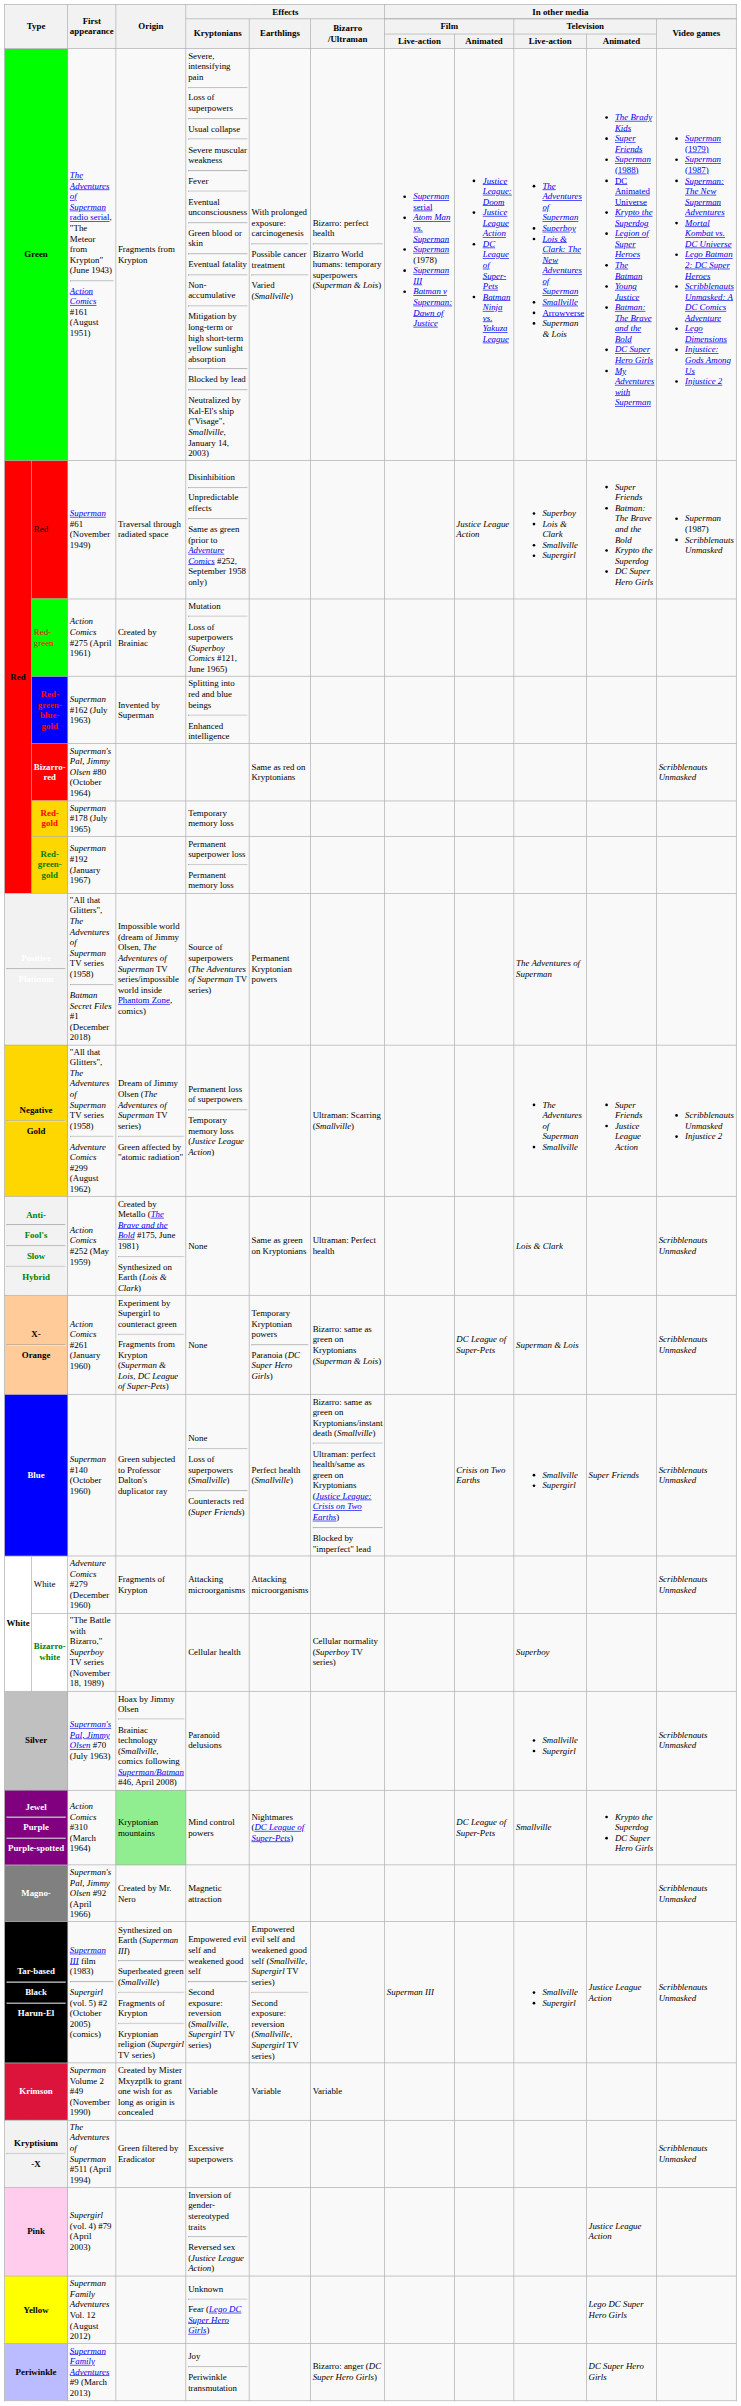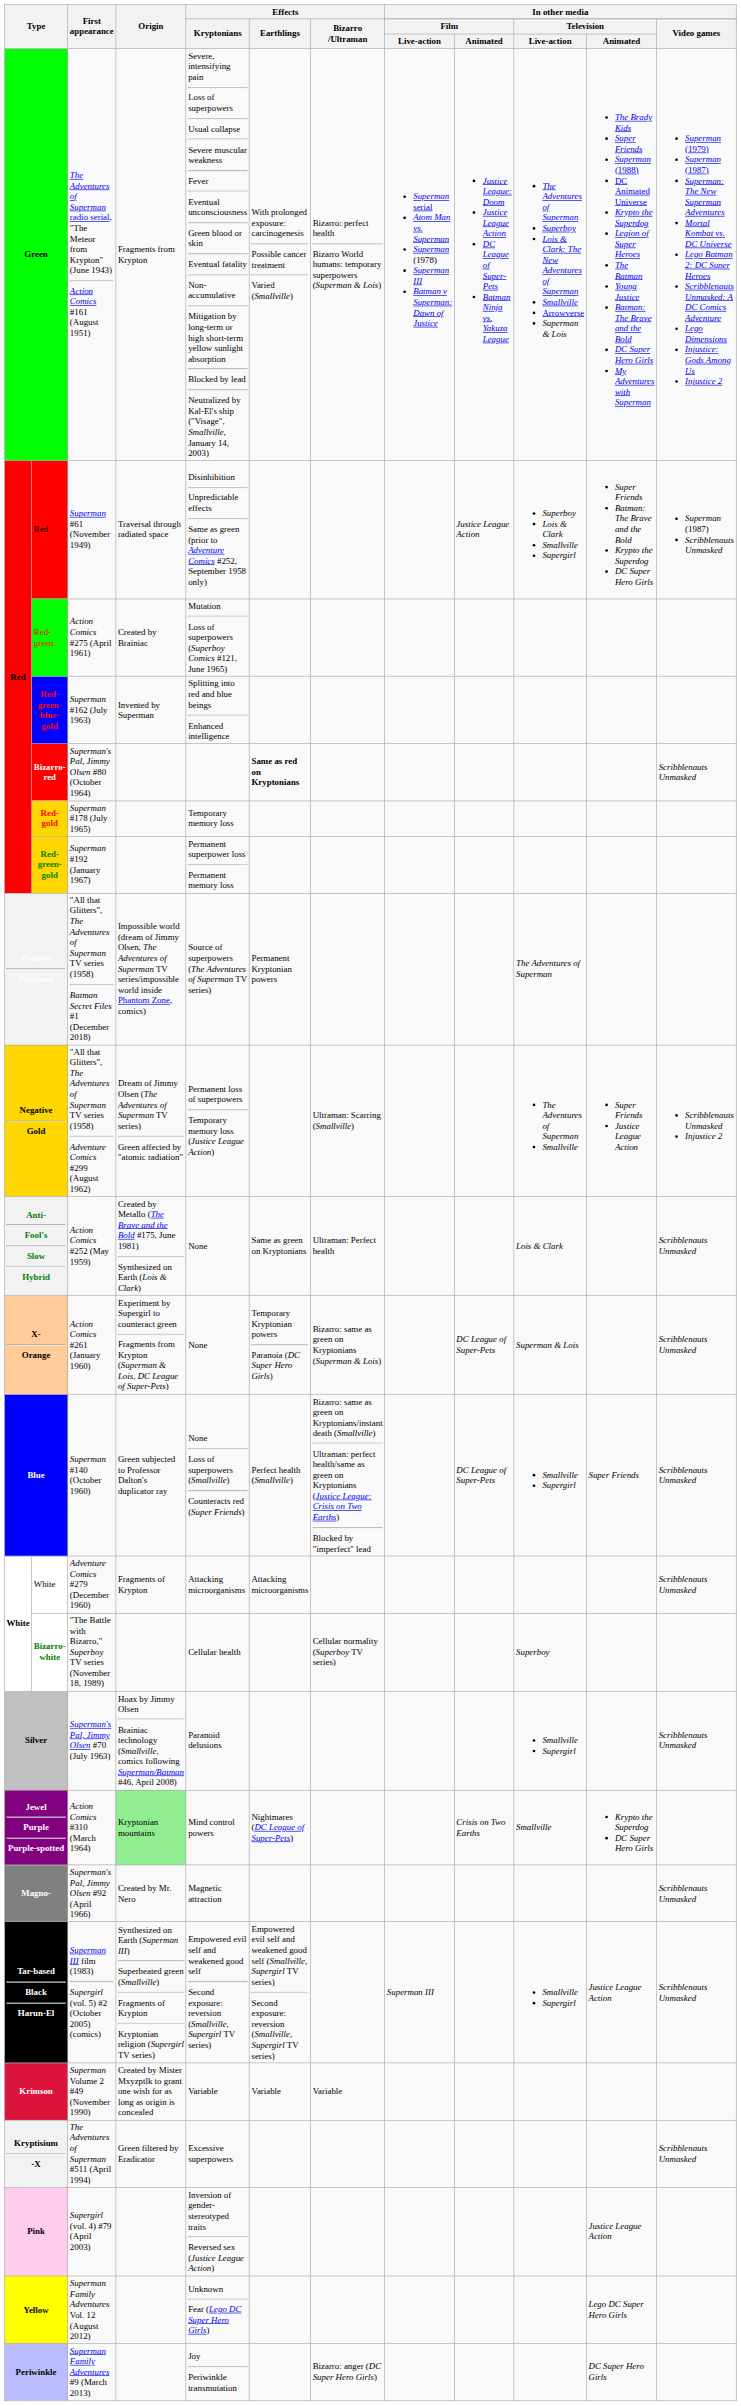 <table class="wikitable sortable sticky-header-multi" style="width:100%; font-size:84%;" id="softwarelist">
 <tr>
 <th rowspan="4" colspan="2">Type</th>
 <th rowspan="4">First appearance</th>
 <th rowspan="4">Origin</th>
 <th colspan="3">Effects</th>
 <th colspan="5">In other media</th>
 </tr>
 <tr>
 <th rowspan="3">Kryptonians</th>
 <th rowspan="3">Earthlings</th>
 <th rowspan="3">Bizarro<br>/Ultraman</th>
 </tr>
 <tr>
 <th colspan="2">Film</th>
 <th colspan="2">Television</th>
 <th rowspan="2">Video games</th>
 </tr>
 <tr>
 <th>Live-action</th>
 <th>Animated</th>
 <th>Live-action</th>
 <th>Animated</th>
 </tr>
 <tr>
 <th colspan="2" style="background:lime; color:black;">Green</th>
 <td><a href='#'><em>The Adventures of Superman</em> radio serial</a>, "The Meteor from Krypton" (June 1943)<hr><em><a href='#'>Action Comics</a></em> #161 (August 1951)</td>
 <td>Fragments from Krypton</td>
 <td>Severe, intensifying pain<hr>Loss of superpowers<hr>Usual collapse<hr>Severe muscular weakness<hr>Fever<hr>Eventual unconsciousness<hr>Green blood or skin<hr>Eventual fatality<hr>Non-accumulative<hr>Mitigation by long-term or high short-term yellow sunlight absorption<hr>Blocked by lead<hr>Neutralized by Kal-El's ship ("Visage", <em>Smallville</em>, January 14, 2003)</td>
 <td>With prolonged exposure: carcinogenesis<hr>Possible cancer treatment<hr>Varied (<em>Smallville</em>)</td>
 <td>Bizarro: perfect health<hr>Bizarro World humans: temporary superpowers (<em>Superman & Lois</em>)</td>
 <td><br><ul><li><a href='#'><em>Superman</em> serial</a></li><li><em><a href='#'>Atom Man vs. Superman</a></em></li><li><em><a href='#'>Superman</a></em> (1978)</li><li><em><a href='#'>Superman III</a></em></li><li><em><a href='#'>Batman v Superman: Dawn of Justice</a></em></li></ul></td>
 <td><br><ul><li><em><a href='#'>Justice League: Doom</a></em></li><li><em><a href='#'>Justice League Action</a></em></li><li><em><a href='#'>DC League of Super-Pets</a></em></li><li><em><a href='#'>Batman Ninja vs. Yakuza League</a></em></li></ul></td>
 <td><br><ul><li><em><a href='#'>The Adventures of Superman</a></em></li><li><em><a href='#'>Superboy</a></em></li><li><em><a href='#'>Lois & Clark: The New Adventures of Superman</a></em></li><li><em><a href='#'>Smallville</a></em></li><li><a href='#'>Arrowverse</a></li><li><em>Superman & Lois</em></li></ul></td>
 <td><br><ul><li><em><a href='#'>The Brady Kids</a></em></li><li><em><a href='#'>Super Friends</a></em></li><li><a href='#'><em>Superman</em> (1988)</a></li><li><a href='#'>DC Animated Universe</a></li><li><em><a href='#'>Krypto the Superdog</a></em></li><li><em><a href='#'>Legion of Super Heroes</a></em></li><li><em><a href='#'>The Batman</a></em></li><li><em><a href='#'>Young Justice</a></em></li><li><em><a href='#'>Batman: The Brave and the Bold</a></em></li><li><em><a href='#'>DC Super Hero Girls</a></em></li><li><em><a href='#'>My Adventures with Superman</a></em></li></ul></td>
 <td><br><ul><li><a href='#'><em>Superman</em> (1979)</a></li><li><a href='#'><em>Superman</em> (1987)</a></li><li><em><a href='#'>Superman: The New Superman Adventures</a></em></li><li><em><a href='#'>Mortal Kombat vs. DC Universe</a></em></li><li><em><a href='#'>Lego Batman 2: DC Super Heroes</a></em></li><li><em><a href='#'>Scribblenauts Unmasked: A DC Comics Adventure</a></em></li><li><em><a href='#'>Lego Dimensions</a></em></li><li><em><a href='#'>Injustice: Gods Among Us</a></em></li><li><em><a href='#'>Injustice 2</a></em></li></ul></td>
 </tr>
 <tr>
 <th rowspan="6" style="background:red; color:black;">Red</th>
 <td style="background: red; color: black;">Red</td>
 <td><em><a href='#'>Superman</a></em> #61 (November 1949)</td>
 <td>Traversal through radiated space</td>
 <td>Disinhibition<hr>Unpredictable effects<hr>Same as green (prior to <em><a href='#'>Adventure Comics</a></em> #252, September 1958 only)</td>
 <td></td>
 <td></td>
 <td></td>
 <td><em>Justice League Action</em></td>
 <td><br><ul><li><em>Superboy</em></li><li><em>Lois & Clark</em></li><li><em>Smallville</em></li><li><em>Supergirl</em></li></ul></td>
 <td><br><ul><li><em>Super Friends</em></li><li><em>Batman: The Brave and the Bold</em></li><li><em>Krypto the Superdog</em></li><li><em>DC Super Hero Girls</em></li></ul></td>
 <td><br><ul><li><em>Superman</em> (1987)</li><li><em>Scribblenauts Unmasked</em></li></ul></td>
 </tr>
 <tr>
 <td style="background: lime; color: red;">Red-green</td>
 <td><em>Action Comics</em> #275 (April 1961)</td>
 <td>Created by Brainiac</td>
 <td>Mutation<hr>Loss of superpowers (<em>Superboy Comics</em> #121, June 1965)</td>
 <td></td>
 <td></td>
 <td></td>
 <td></td>
 <td></td>
 <td></td>
 <td></td>
 </tr>
 <tr>
 <th style="background: blue; color: red;">Red-green-blue-gold</th>
 <td><em>Superman</em> #162 (July 1963)</td>
 <td>Invented by Superman</td>
 <td>Splitting into red and blue beings<hr>Enhanced intelligence</td>
 <td></td>
 <td></td>
 <td></td>
 <td></td>
 <td></td>
 <td></td>
 <td></td>
 </tr>
 <tr>
 <th style="background: red; color: white;">Bizarro-red</th>
 <td><em>Superman's Pal, Jimmy Olsen</em> #80 (October 1964)</td>
 <td></td>
 <td></td>
-<td>Same as red on Kryptonians</td>
+<td><strong>Same as red on Kryptonians</strong></td>
 <td></td>
 <td></td>
 <td></td>
 <td></td>
 <td></td>
 <td><em>Scribblenauts Unmasked</em></td>
 </tr>
 <tr>
 <th style="background: gold; color: red;">Red-gold</th>
 <td><em>Superman</em> #178 (July 1965)</td>
 <td></td>
 <td>Temporary memory loss</td>
 <td></td>
 <td></td>
 <td></td>
 <td></td>
 <td></td>
 <td></td>
 <td></td>
 </tr>
 <tr>
 <th style="background: gold; color: green;">Red-green-gold</th>
 <td><em>Superman</em> #192 (January 1967)</td>
 <td></td>
 <td>Permanent superpower loss<hr>Permanent memory loss</td>
 <td></td>
 <td></td>
 <td></td>
 <td></td>
 <td></td>
 <td></td>
 <td></td>
 </tr>
 <tr>
 <th colspan="2" style="color: white;">Positive<hr>Platinum</th>
 <td>"All that Glitters", <em>The Adventures of Superman</em> TV series (1958)<hr><em>Batman Secret Files</em> #1 (December 2018)</td>
 <td>Impossible world (dream of Jimmy Olsen, <em>The Adventures of Superman</em> TV series/impossible world inside <a href='#'>Phantom Zone</a>, comics)</td>
 <td>Source of superpowers (<em>The Adventures of Superman</em> TV series)</td>
 <td>Permanent Kryptonian powers</td>
 <td></td>
 <td></td>
 <td></td>
 <td><em>The Adventures of Superman</em></td>
 <td></td>
 <td></td>
 </tr>
 <tr>
 <th colspan="2" style="background: gold; color: black;">Negative<hr>Gold</th>
 <td>"All that Glitters", <em>The Adventures of Superman</em> TV series (1958)<hr><em>Adventure Comics</em> #299 (August 1962)</td>
 <td>Dream of Jimmy Olsen (<em>The Adventures of Superman</em> TV series)<hr>Green affected by "atomic radiation"</td>
 <td>Permanent loss of superpowers<hr>Temporary memory loss (<em>Justice League Action</em>)</td>
 <td></td>
 <td>Ultraman: Scarring (<em>Smallville</em>)</td>
 <td></td>
 <td></td>
 <td><br><ul><li><em>The Adventures of Superman</em></li><li><em>Smallville</em></li></ul></td>
 <td><br><ul><li><em>Super Friends</em></li><li><em>Justice League Action</em></li></ul></td>
 <td><br><ul><li><em>Scribblenauts Unmasked</em></li><li><em>Injustice 2</em></li></ul></td>
 </tr>
 <tr>
 <th colspan="2" style="color: green;">Anti-<hr>Fool's<hr>Slow<hr>Hybrid</th>
 <td><em>Action Comics</em> #252 (May 1959)</td>
 <td>Created by Metallo (<em><a href='#'>The Brave and the Bold</a></em> #175, June 1981)<hr>Synthesized on Earth (<em>Lois & Clark</em>)</td>
 <td>None</td>
 <td>Same as green on Kryptonians</td>
 <td>Ultraman: Perfect health</td>
 <td></td>
 <td></td>
 <td><em>Lois & Clark</em></td>
 <td></td>
 <td><em>Scribblenauts Unmasked</em></td>
 </tr>
 <tr>
 <th colspan="2" style="background:#fc9;">X-<hr>Orange</th>
 <td><em>Action Comics</em> #261 (January 1960)</td>
 <td>Experiment by Supergirl to counteract green<hr>Fragments from Krypton (<em>Superman & Lois</em>, <em>DC League of Super-Pets</em>)</td>
 <td>None</td>
 <td>Temporary Kryptonian powers<hr>Paranoia (<em>DC Super Hero Girls</em>)</td>
 <td>Bizarro: same as green on Kryptonians (<em>Superman & Lois</em>)</td>
 <td></td>
 <td><em>DC League of Super-Pets</em></td>
 <td><em>Superman & Lois</em></td>
 <td></td>
 <td><em>Scribblenauts Unmasked</em></td>
 </tr>
 <tr>
 <th colspan="2" style="background: blue; color: white;">Blue</th>
 <td><em>Superman</em> #140 (October 1960)</td>
 <td>Green subjected to Professor Dalton's duplicator ray</td>
 <td>None<hr>Loss of superpowers (<em>Smallville</em>)<hr>Counteracts red (<em>Super Friends</em>)</td>
 <td>Perfect health (<em>Smallville</em>)</td>
 <td>Bizarro: same as green on Kryptonians/instant death (<em>Smallville</em>)<hr>Ultraman: perfect health/same as green on Kryptonians (<em><a href='#'>Justice League: Crisis on Two Earths</a></em>)<hr>Blocked by "imperfect" lead</td>
 <td></td>
-<td><em>Crisis on Two Earths</em></td>
+<td><em>DC League of Super-Pets</em></td>
 <td><br><ul><li><em>Smallville</em></li><li><em>Supergirl</em></li></ul></td>
 <td><em>Super Friends</em></td>
 <td><em>Scribblenauts Unmasked</em></td>
 </tr>
 <tr>
 <th rowspan="2" style="background:#FFFFFF">White</th>
 <td style="background: white; color: black;">White</td>
 <td><em>Adventure Comics</em> #279 (December 1960)</td>
 <td>Fragments of Krypton</td>
 <td>Attacking microorganisms</td>
 <td>Attacking microorganisms</td>
 <td></td>
 <td></td>
 <td></td>
 <td></td>
 <td></td>
 <td><em>Scribblenauts Unmasked</em></td>
 </tr>
 <tr>
 <th style="background: white; color: green;">Bizarro-white</th>
 <td>"The Battle with Bizarro," <em>Superboy</em> TV series (November 18, 1989)</td>
 <td></td>
 <td>Cellular health</td>
 <td></td>
 <td>Cellular normality (<em>Superboy</em> TV series)</td>
 <td></td>
 <td></td>
 <td><em>Superboy</em></td>
 <td></td>
 <td></td>
 </tr>
 <tr>
 <th colspan="2" style="background: silver; color: black;">Silver</th>
 <td><em><a href='#'>Superman's Pal, Jimmy Olsen</a></em> #70 (July 1963)</td>
 <td>Hoax by Jimmy Olsen<hr>Brainiac technology (<em>Smallville</em>, comics following <em><a href='#'>Superman/Batman</a></em> #46, April 2008)</td>
 <td>Paranoid delusions</td>
 <td></td>
 <td></td>
 <td></td>
 <td></td>
 <td><br><ul><li><em>Smallville</em></li><li><em>Supergirl</em></li></ul></td>
 <td></td>
 <td><em>Scribblenauts Unmasked</em></td>
 </tr>
 <tr>
 <th colspan="2" style="background: purple; color: white;">Jewel<hr>Purple<hr>Purple-spotted</th>
 <td><em>Action Comics</em> #310 (March 1964)</td>
 <td style="background: lightgreen;">Kryptonian mountains</td>
 <td>Mind control powers</td>
 <td>Nightmares (<em><a href='#'>DC League of Super-Pets</a></em>)</td>
 <td></td>
 <td></td>
-<td><em>DC League of Super-Pets</em></td>
+<td><em>Crisis on Two Earths</em></td>
 <td><em>Smallville</em></td>
 <td><br><ul><li><em>Krypto the Superdog</em></li><li><em>DC Super Hero Girls</em></li></ul></td>
 <td></td>
 </tr>
 <tr>
 <th colspan="2" style="background: grey; color: white;">Magno-</th>
 <td><em>Superman's Pal, Jimmy Olsen</em> #92 (April 1966)</td>
 <td>Created by Mr. Nero</td>
 <td>Magnetic attraction</td>
 <td></td>
 <td></td>
 <td></td>
 <td></td>
 <td></td>
 <td></td>
 <td><em>Scribblenauts Unmasked</em></td>
 </tr>
 <tr>
 <th colspan="2" style="background: black; color: white;">Tar-based<hr>Black<hr>Harun-El</th>
 <td><em><a href='#'>Superman III</a></em> film (1983)<hr><em>Supergirl</em> (vol. 5) #2 (October 2005) (comics)</td>
 <td>Synthesized on Earth (<em>Superman III</em>)<hr>Superheated green (<em>Smallville</em>)<hr>Fragments of Krypton<hr>Kryptonian religion (<em>Supergirl</em> TV series)</td>
 <td>Empowered evil self and weakened good self<hr>Second exposure: reversion (<em>Smallville</em>, <em>Supergirl</em> TV series)</td>
 <td>Empowered evil self and weakened good self (<em>Smallville</em>, <em>Supergirl</em> TV series)<hr>Second exposure: reversion (<em>Smallville</em>, <em>Supergirl</em> TV series)</td>
 <td></td>
 <td><em>Superman III</em></td>
 <td></td>
 <td><br><ul><li><em>Smallville</em></li><li><em>Supergirl</em></li></ul></td>
 <td><em>Justice League Action</em></td>
 <td><em>Scribblenauts Unmasked</em></td>
 </tr>
 <tr>
 <th colspan="2" style="background: crimson; color: white;">Krimson</th>
 <td><em>Superman</em> Volume 2 #49 (November 1990)</td>
 <td>Created by Mister Mxyzptlk to grant one wish for as long as origin is concealed</td>
 <td>Variable</td>
 <td>Variable</td>
 <td>Variable</td>
 <td></td>
 <td></td>
 <td></td>
 <td></td>
 <td></td>
 </tr>
 <tr>
 <th colspan="2">Kryptisium<hr>-X</th>
 <td><em>The Adventures of Superman</em> #511 (April 1994)</td>
 <td>Green filtered by Eradicator</td>
 <td>Excessive superpowers</td>
 <td></td>
 <td></td>
 <td></td>
 <td></td>
 <td></td>
 <td></td>
 <td><em>Scribblenauts Unmasked</em></td>
 </tr>
 <tr>
 <th colspan="2" style="background:#fce;">Pink</th>
 <td><em>Supergirl</em> (vol. 4) #79 (April 2003)</td>
 <td></td>
 <td>Inversion of gender-stereotyped traits<hr>Reversed sex (<em>Justice League Action</em>)</td>
 <td></td>
 <td></td>
 <td></td>
 <td></td>
 <td></td>
 <td><em>Justice League Action</em></td>
 <td></td>
 </tr>
 <tr>
 <th colspan="2" style="background:yellow;">Yellow</th>
 <td><em>Superman Family Adventures</em> Vol. 12 (August 2012)</td>
 <td></td>
 <td>Unknown<hr>Fear (<em><a href='#'>Lego DC Super Hero Girls</a></em>)</td>
 <td></td>
 <td></td>
 <td></td>
 <td></td>
 <td></td>
 <td><em>Lego DC Super Hero Girls</em></td>
 <td></td>
 </tr>
 <tr>
 <th colspan="2" style="background:#bbf;">Periwinkle</th>
 <td><em><a href='#'>Superman Family Adventures</a></em> #9 (March 2013)</td>
 <td></td>
 <td>Joy<hr>Periwinkle transmutation</td>
 <td></td>
 <td>Bizarro: anger (<em>DC Super Hero Girls</em>)</td>
 <td></td>
 <td></td>
 <td></td>
 <td><em>DC Super Hero Girls</em></td>
 <td></td>
 </tr>
 </table>
